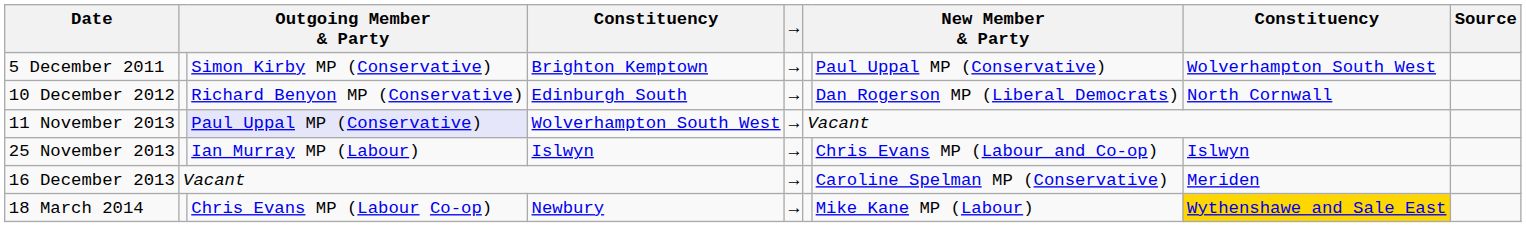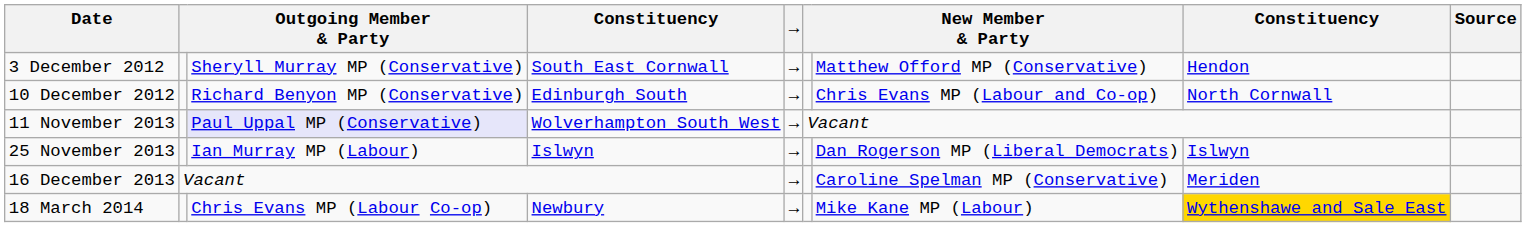 <table class="wikitable">
 <tr>
 <th valign="top">Date</th>
 <th colspan="2" valign="top">Outgoing Member<br>& Party</th>
 <th valign="top">Constituency</th>
 <th>→</th>
 <th colspan="2" valign="top">New Member<br>& Party</th>
 <th valign="top">Constituency</th>
 <th valign="top">Source</th>
 </tr>
 <tr>
-<td>5 December 2011</td>
+<td>3 December 2012</td>
 <td style="color:inherit;background:"></td>
-<td><a href='#'>Simon Kirby</a> MP (<a href='#'>Conservative</a>)</td>
-<td><a href='#'>Brighton Kemptown</a></td>
+<td><a href='#'>Sheryll Murray</a> MP (<a href='#'>Conservative</a>)</td>
+<td><a href='#'>South East Cornwall</a></td>
 <td>→</td>
 <td style="color:inherit;background:"></td>
-<td><a href='#'>Paul Uppal</a> MP (<a href='#'>Conservative</a>)</td>
-<td><a href='#'>Wolverhampton South West</a></td>
+<td><a href='#'>Matthew Offord</a> MP (<a href='#'>Conservative</a>)</td>
+<td><a href='#'>Hendon</a></td>
 <td></td>
 </tr>
 <tr>
 <td>10 December 2012</td>
 <td style="color:inherit;background:"></td>
 <td><a href='#'>Richard Benyon</a> MP (<a href='#'>Conservative</a>)</td>
 <td><a href='#'>Edinburgh South</a></td>
 <td>→</td>
 <td style="color:inherit;background:"></td>
-<td><a href='#'>Dan Rogerson</a> MP (<a href='#'>Liberal Democrats</a>)</td>
+<td><a href='#'>Chris Evans</a> MP (<a href='#'>Labour and Co-op</a>)</td>
 <td><a href='#'>North Cornwall</a></td>
 <td></td>
 </tr>
 <tr>
 <td>11 November 2013</td>
 <td style="color:inherit;background:"></td>
 <td style="background: lavender;"><a href='#'>Paul Uppal</a> MP (<a href='#'>Conservative</a>)</td>
 <td><a href='#'>Wolverhampton South West</a></td>
 <td>→</td>
 <td colspan=3><em>Vacant</em></td>
 <td></td>
 </tr>
 <tr>
 <td>25 November 2013</td>
 <td style="color:inherit;background:"></td>
 <td><a href='#'>Ian Murray</a> MP (<a href='#'>Labour</a>)</td>
 <td><a href='#'>Islwyn</a></td>
 <td>→</td>
 <td style="color:inherit;background:"></td>
-<td><a href='#'>Chris Evans</a> MP (<a href='#'>Labour and Co-op</a>)</td>
+<td><a href='#'>Dan Rogerson</a> MP (<a href='#'>Liberal Democrats</a>)</td>
 <td><a href='#'>Islwyn</a></td>
 <td></td>
 </tr>
 <tr>
 <td>16 December 2013</td>
 <td colspan=3><em>Vacant</em></td>
 <td>→</td>
 <td style="color:inherit;background:"></td>
 <td><a href='#'>Caroline Spelman</a> MP (<a href='#'>Conservative</a>)</td>
 <td><a href='#'>Meriden</a></td>
 <td></td>
 </tr>
 <tr>
 <td>18 March 2014</td>
 <td style="color:inherit;background:"></td>
 <td><a href='#'>Chris Evans</a> MP (<a href='#'>Labour</a> <a href='#'>Co-op</a>)</td>
 <td><a href='#'>Newbury</a></td>
 <td>→</td>
 <td style="color:inherit;background:"></td>
 <td><a href='#'>Mike Kane</a> MP (<a href='#'>Labour</a>)</td>
 <td style="background: gold;"><a href='#'>Wythenshawe and Sale East</a></td>
 <td></td>
 </tr>
 </table>
